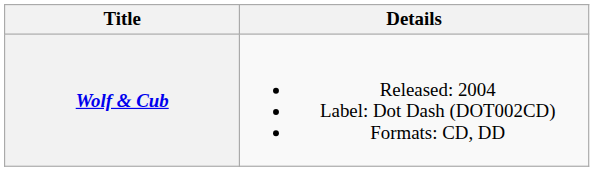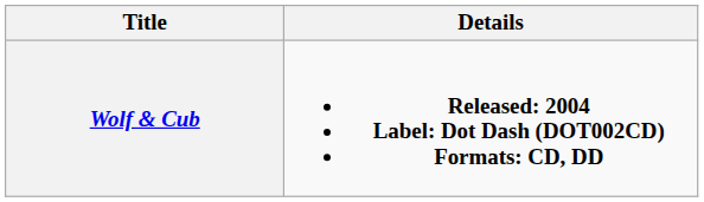 <table class="wikitable plainrowheaders" style="text-align:center;">
 <tr>
 <th scope="col" style="width:12em;">Title</th>
 <th scope="col" style="width:18em;">Details</th>
 </tr>
 <tr>
 <th scope="row"><em><a href='#'>Wolf & Cub</a></em></th>
-<td><br><ul><li>Released: 2004</li><li>Label: Dot Dash (DOT002CD)</li><li>Formats: CD, DD</li></ul></td>
+<td><strong><br><ul><li>Released: 2004</li><li>Label: Dot Dash (DOT002CD)</li><li>Formats: CD, DD</li></ul></strong></td>
 </tr>
 </table>
